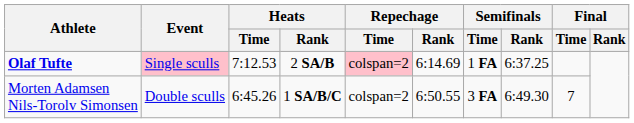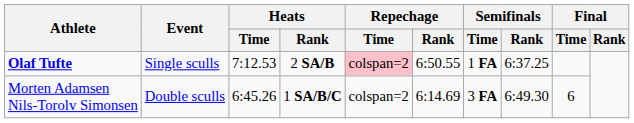 <table class="wikitable" style="font-size:90%;">
 <tr>
 <th rowspan="2">Athlete</th>
 <th rowspan="2">Event</th>
 <th colspan="2">Heats</th>
 <th colspan="2">Repechage</th>
 <th colspan="2">Semifinals</th>
 <th colspan="2">Final</th>
 </tr>
 <tr style="font-size:95%">
 <th>Time</th>
 <th>Rank</th>
 <th>Time</th>
 <th>Rank</th>
 <th>Time</th>
 <th>Rank</th>
 <th>Time</th>
 <th>Rank</th>
 </tr>
 <tr align=center>
 <td align=left><strong><a href='#'>Olaf Tufte</a></strong></td>
-<td align=left style="background: pink;"><a href='#'>Single sculls</a></td>
+<td align=left><a href='#'>Single sculls</a></td>
 <td>7:12.53</td>
 <td>2 <strong>SA/B</strong></td>
 <td style="background: pink;">colspan=2 </td>
-<td>6:14.69</td>
+<td>6:50.55</td>
 <td>1 <strong>FA</strong></td>
 <td>6:37.25</td>
 <td></td>
 </tr>
 <tr align=center>
 <td align=left><a href='#'>Morten Adamsen</a><br><a href='#'>Nils-Torolv Simonsen</a></td>
 <td align=left><a href='#'>Double sculls</a></td>
 <td>6:45.26</td>
 <td>1 <strong>SA/B/C</strong></td>
 <td>colspan=2 </td>
-<td>6:50.55</td>
+<td>6:14.69</td>
 <td>3 <strong>FA</strong></td>
 <td>6:49.30</td>
-<td>7</td>
+<td>6</td>
 </tr>
 </table>
